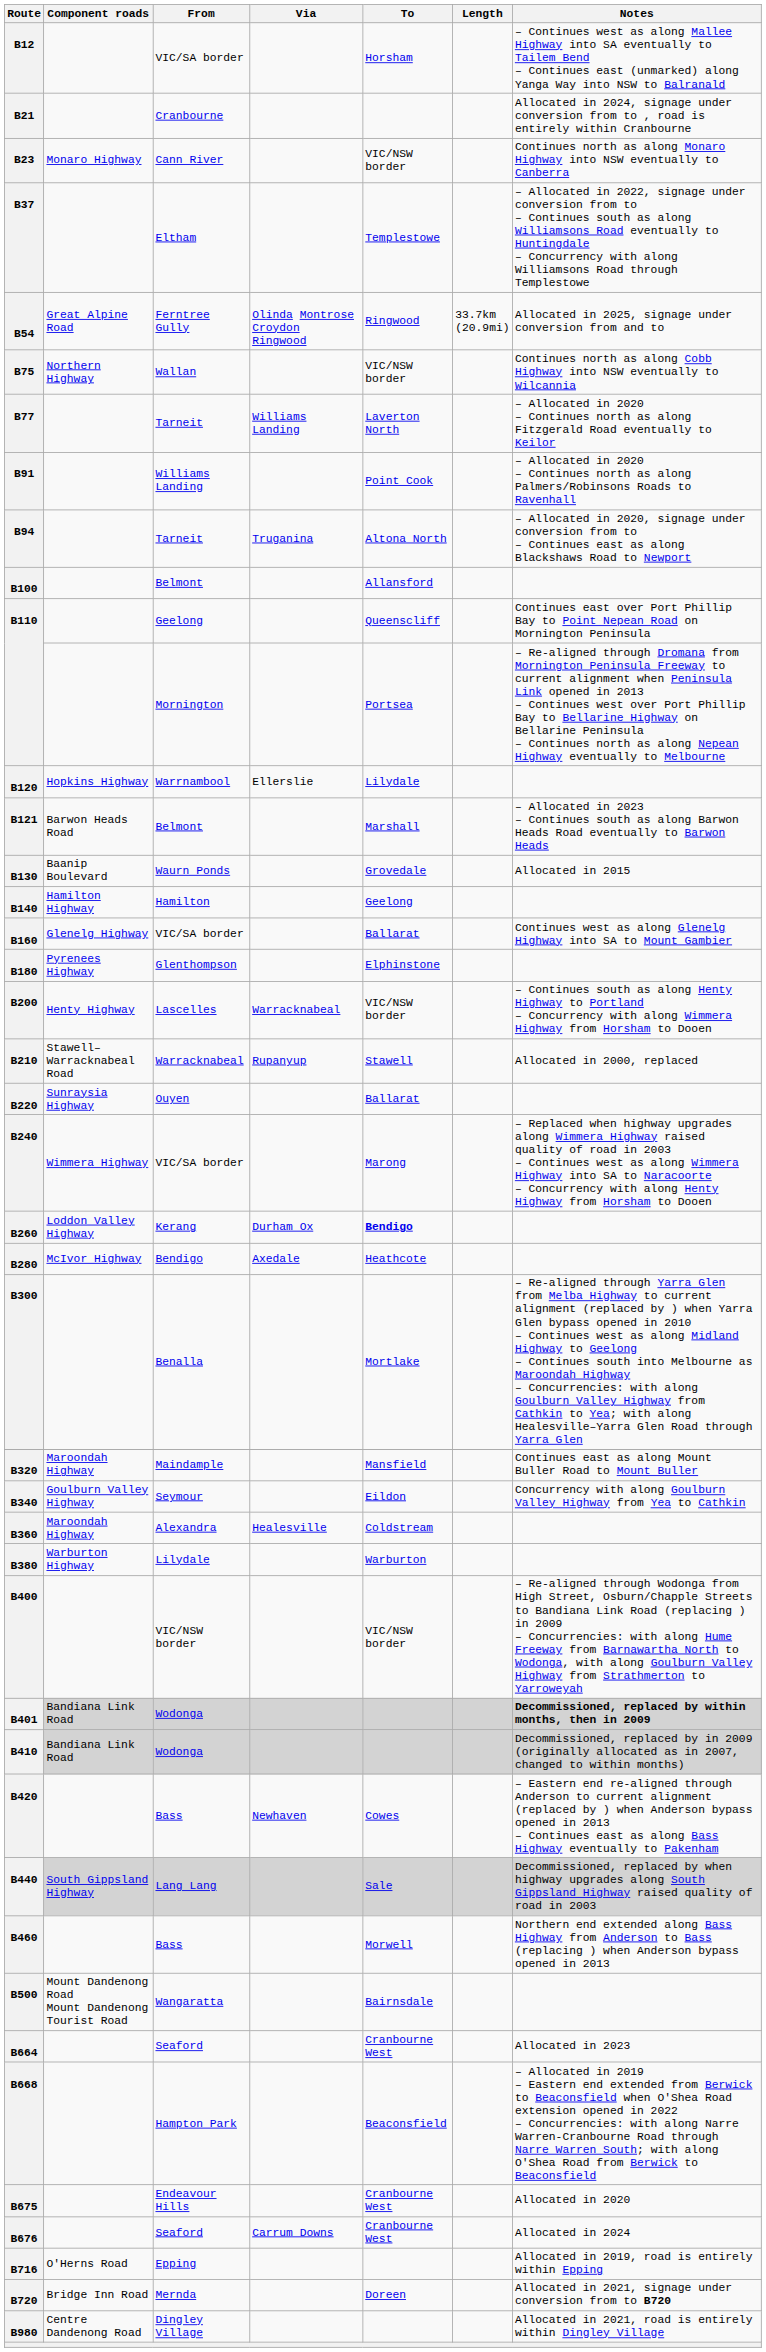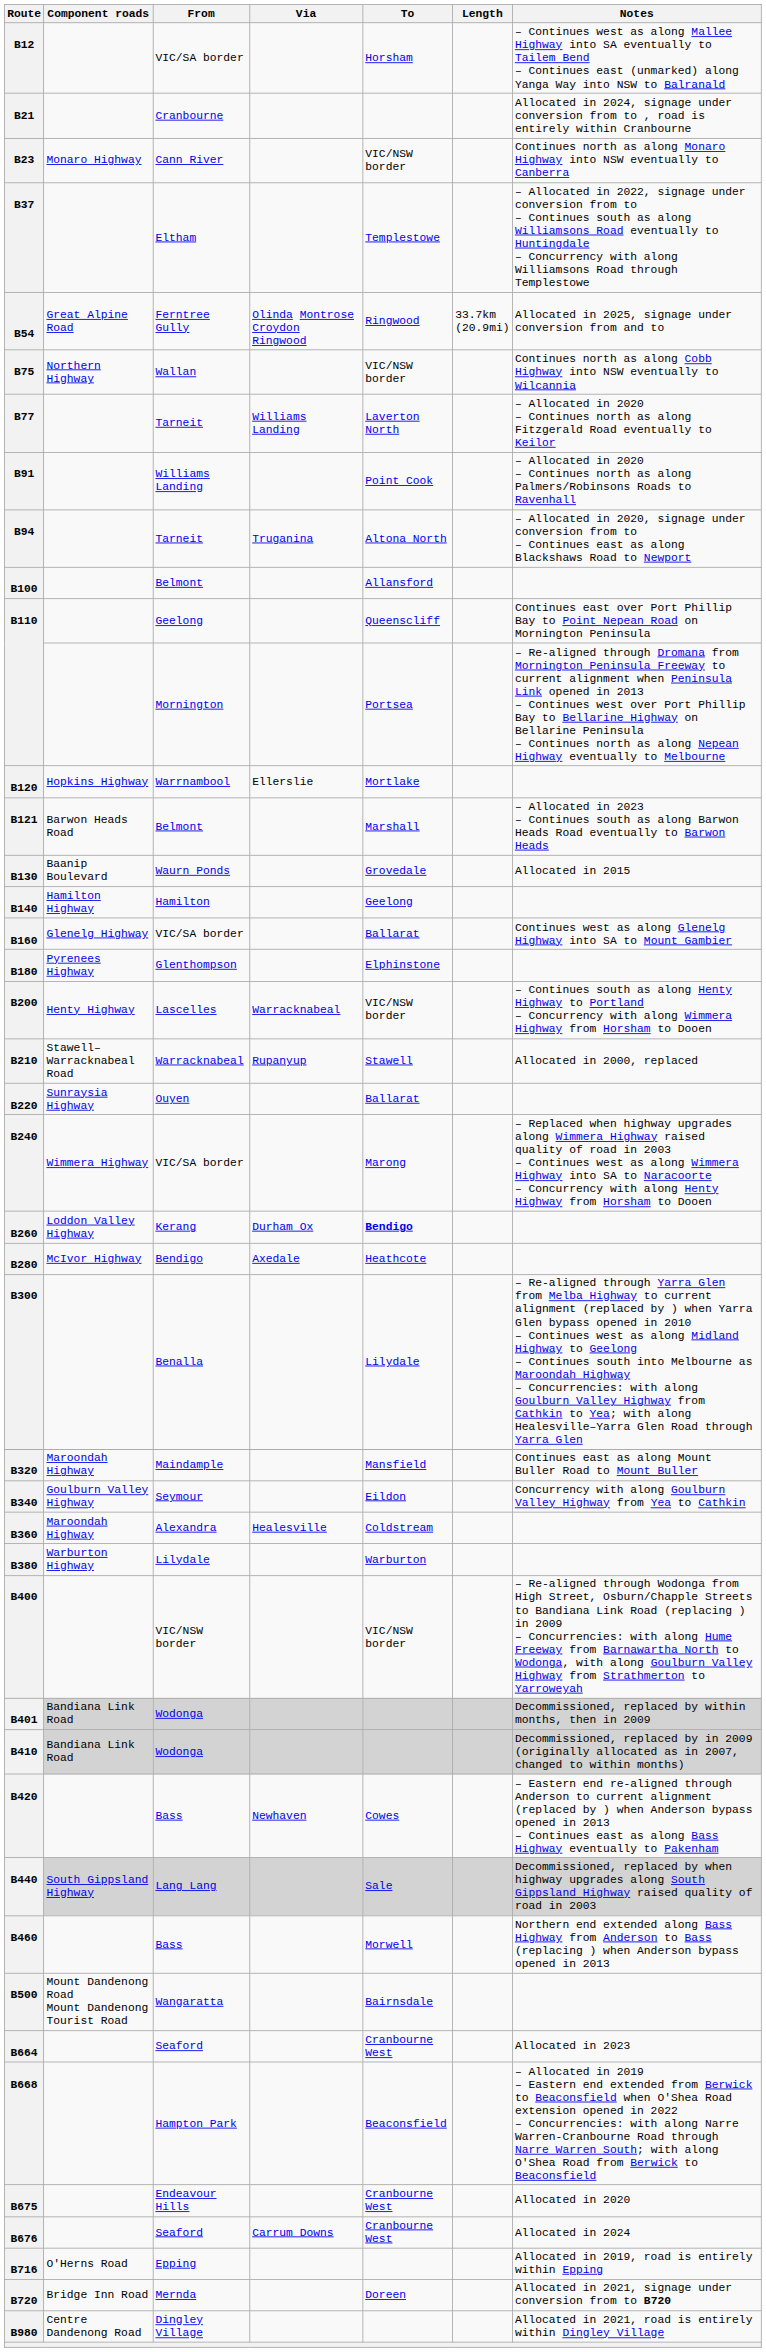 <table class="wikitable sortable">
 <tr>
 <th scope="col">Route</th>
 <th scope="col">Component roads</th>
 <th scope="col">From</th>
 <th scope="col">Via</th>
 <th scope="col">To</th>
 <th scope="col">Length</th>
 <th scope="col">Notes</th>
 </tr>
 <tr>
 <th style="vertical-align:top; white-space:nowrap;"><br>B12</th>
 <td></td>
 <td>VIC/SA border</td>
 <td></td>
 <td><a href='#'>Horsham</a></td>
 <td></td>
 <td>– Continues west as  along <a href='#'>Mallee Highway</a> into SA eventually to <a href='#'>Tailem Bend</a><br>– Continues east (unmarked) along Yanga Way into NSW to <a href='#'>Balranald</a></td>
 </tr>
 <tr>
 <th style="vertical-align:top; white-space:nowrap;"><br>B21</th>
 <td></td>
 <td><a href='#'>Cranbourne</a></td>
 <td></td>
 <td></td>
 <td></td>
 <td>Allocated in 2024, signage under conversion from  to , road is entirely within Cranbourne</td>
 </tr>
 <tr>
 <th style="vertical-align:top; white-space:nowrap;"><br>B23</th>
 <td><a href='#'>Monaro Highway</a></td>
 <td><a href='#'>Cann River</a></td>
 <td></td>
 <td>VIC/NSW border</td>
 <td></td>
 <td>Continues north as  along <a href='#'>Monaro Highway</a> into NSW eventually to <a href='#'>Canberra</a></td>
 </tr>
 <tr>
 <th style="vertical-align:top; white-space:nowrap;"><br>B37</th>
 <td></td>
 <td><a href='#'>Eltham</a></td>
 <td></td>
 <td><a href='#'>Templestowe</a></td>
 <td></td>
 <td>– Allocated in 2022, signage under conversion from  to <br>– Continues south as  along <a href='#'>Williamsons Road</a> eventually to <a href='#'>Huntingdale</a><br>– Concurrency with  along Williamsons Road through Templestowe</td>
 </tr>
 <tr>
 <th style=“vertical-align:top; white-space:nowrap;”><br><br>B54</th>
 <td><a href='#'>Great Alpine Road</a></td>
 <td><a href='#'>Ferntree Gully</a></td>
 <td {{plainlist><br><a href='#'>Olinda</a> <a href='#'>Montrose</a> <a href='#'>Croydon</a> <a href='#'>Ringwood</a></td>
 <td><a href='#'>Ringwood</a></td>
 <td>33.7km<br>(20.9mi)</td>
 <td>Allocated in 2025, signage under conversion from  and  to </td>
 </tr>
 <tr>
 <th style="vertical-align:top; white-space:nowrap;"><br>B75</th>
 <td><a href='#'>Northern Highway</a></td>
 <td><a href='#'>Wallan</a></td>
 <td></td>
 <td>VIC/NSW border</td>
 <td></td>
 <td>Continues north as  along <a href='#'>Cobb Highway</a> into NSW eventually to <a href='#'>Wilcannia</a></td>
 </tr>
 <tr>
 <th style="vertical-align:top; white-space:nowrap;"><br>B77</th>
 <td></td>
 <td><a href='#'>Tarneit</a></td>
 <td><a href='#'>Williams Landing</a></td>
 <td><a href='#'>Laverton North</a></td>
 <td></td>
 <td>– Allocated in 2020<br>– Continues north as  along Fitzgerald Road eventually to <a href='#'>Keilor</a></td>
 </tr>
 <tr>
 <th style="vertical-align:top; white-space:nowrap;"><br>B91</th>
 <td></td>
 <td><a href='#'>Williams Landing</a></td>
 <td></td>
 <td><a href='#'>Point Cook</a></td>
 <td></td>
 <td>– Allocated in 2020<br>– Continues north as  along Palmers/Robinsons Roads to <a href='#'>Ravenhall</a></td>
 </tr>
 <tr>
 <th style="vertical-align:top; white-space:nowrap;"><br>B94</th>
 <td></td>
 <td><a href='#'>Tarneit</a></td>
 <td><a href='#'>Truganina</a></td>
 <td><a href='#'>Altona North</a></td>
 <td></td>
 <td>– Allocated in 2020, signage under conversion from  to <br>– Continues east as  along Blackshaws Road to <a href='#'>Newport</a></td>
 </tr>
 <tr>
 <th style="vertical-align:top; white-space:nowrap;"><br>B100</th>
 <td></td>
 <td><a href='#'>Belmont</a></td>
 <td></td>
 <td><a href='#'>Allansford</a></td>
 <td></td>
 <td></td>
 </tr>
 <tr>
 <th rowspan="2" style="vertical-align:top; white-space:nowrap;"><br>B110</th>
 <td></td>
 <td><a href='#'>Geelong</a></td>
 <td></td>
 <td><a href='#'>Queenscliff</a></td>
 <td></td>
 <td>Continues east over Port Phillip Bay to <a href='#'>Point Nepean Road</a> on Mornington Peninsula</td>
 </tr>
 <tr>
 <td></td>
 <td><a href='#'>Mornington</a></td>
 <td></td>
 <td><a href='#'>Portsea</a></td>
 <td></td>
 <td>– Re-aligned through <a href='#'>Dromana</a> from <a href='#'>Mornington Peninsula Freeway</a> to current alignment when <a href='#'>Peninsula Link</a> opened in 2013<br>– Continues west over Port Phillip Bay to <a href='#'>Bellarine Highway</a> on Bellarine Peninsula<br>– Continues north as  along <a href='#'>Nepean Highway</a> eventually to <a href='#'>Melbourne</a></td>
 </tr>
 <tr>
 <th style="vertical-align:top; white-space:nowrap;"><br>B120</th>
 <td><a href='#'>Hopkins Highway</a></td>
 <td><a href='#'>Warrnambool</a></td>
 <td>Ellerslie</td>
-<td><a href='#'>Lilydale</a></td>
+<td><a href='#'>Mortlake</a></td>
 <td></td>
 <td></td>
 </tr>
 <tr>
 <th style="vertical-align:top; white-space:nowrap;"><br>B121</th>
 <td>Barwon Heads Road</td>
 <td><a href='#'>Belmont</a></td>
 <td></td>
 <td><a href='#'>Marshall</a></td>
 <td></td>
 <td>– Allocated in 2023<br>– Continues south as  along Barwon Heads Road eventually to <a href='#'>Barwon Heads</a></td>
 </tr>
 <tr>
 <th style="vertical-align:top; white-space:nowrap;"><br>B130</th>
 <td>Baanip Boulevard</td>
 <td><a href='#'>Waurn Ponds</a></td>
 <td></td>
 <td><a href='#'>Grovedale</a></td>
 <td></td>
 <td>Allocated in 2015</td>
 </tr>
 <tr>
 <th style="vertical-align:top; white-space:nowrap;"><br>B140</th>
 <td><a href='#'>Hamilton Highway</a></td>
 <td><a href='#'>Hamilton</a></td>
 <td></td>
 <td><a href='#'>Geelong</a></td>
 <td></td>
 <td></td>
 </tr>
 <tr>
 <th style="vertical-align:top; white-space:nowrap;"><br>B160</th>
 <td><a href='#'>Glenelg Highway</a></td>
 <td>VIC/SA border</td>
 <td></td>
 <td><a href='#'>Ballarat</a></td>
 <td></td>
 <td>Continues west as  along <a href='#'>Glenelg Highway</a> into SA to <a href='#'>Mount Gambier</a></td>
 </tr>
 <tr>
 <th style="vertical-align:top; white-space:nowrap;"><br>B180</th>
 <td><a href='#'>Pyrenees Highway</a></td>
 <td><a href='#'>Glenthompson</a></td>
 <td></td>
 <td><a href='#'>Elphinstone</a></td>
 <td></td>
 <td></td>
 </tr>
 <tr>
 <th style="vertical-align:top; white-space:nowrap;"><br>B200</th>
 <td><a href='#'>Henty Highway</a></td>
 <td><a href='#'>Lascelles</a></td>
 <td><a href='#'>Warracknabeal</a></td>
 <td>VIC/NSW border</td>
 <td></td>
 <td>– Continues south as  along <a href='#'>Henty Highway</a> to <a href='#'>Portland</a><br>– Concurrency with  along <a href='#'>Wimmera Highway</a> from <a href='#'>Horsham</a> to Dooen</td>
 </tr>
 <tr>
 <th style="vertical-align:top; white-space:nowrap;"><br>B210</th>
 <td>Stawell–Warracknabeal Road</td>
 <td><a href='#'>Warracknabeal</a></td>
 <td><a href='#'>Rupanyup</a></td>
 <td><a href='#'>Stawell</a></td>
 <td></td>
 <td>Allocated in 2000, replaced </td>
 </tr>
 <tr>
 <th style="vertical-align:top; white-space:nowrap;"><br>B220</th>
 <td><a href='#'>Sunraysia Highway</a></td>
 <td><a href='#'>Ouyen</a></td>
 <td></td>
 <td><a href='#'>Ballarat</a></td>
 <td></td>
 <td></td>
 </tr>
 <tr>
 <th style="vertical-align:top; white-space:nowrap;"><br>B240</th>
 <td><a href='#'>Wimmera Highway</a></td>
 <td>VIC/SA border</td>
 <td></td>
 <td><a href='#'>Marong</a></td>
 <td></td>
 <td>– Replaced  when highway upgrades along <a href='#'>Wimmera Highway</a> raised quality of road in 2003<br>– Continues west as  along <a href='#'>Wimmera Highway</a> into SA to <a href='#'>Naracoorte</a><br>– Concurrency with  along <a href='#'>Henty Highway</a> from <a href='#'>Horsham</a> to Dooen</td>
 </tr>
 <tr>
 <th style="vertical-align:top; white-space:nowrap;"><br>B260</th>
 <td><a href='#'>Loddon Valley Highway</a></td>
 <td><a href='#'>Kerang</a></td>
 <td><a href='#'>Durham Ox</a></td>
 <td><strong><a href='#'>Bendigo</a></strong></td>
 <td></td>
 <td></td>
 </tr>
 <tr>
 <th style="vertical-align:top; white-space:nowrap;"><br>B280</th>
 <td><a href='#'>McIvor Highway</a></td>
 <td><a href='#'>Bendigo</a></td>
 <td><a href='#'>Axedale</a></td>
 <td><a href='#'>Heathcote</a></td>
 <td></td>
 <td></td>
 </tr>
 <tr>
 <th style="vertical-align:top; white-space:nowrap;"><br>B300</th>
 <td></td>
 <td><a href='#'>Benalla</a></td>
 <td></td>
-<td><a href='#'>Mortlake</a></td>
+<td><a href='#'>Lilydale</a></td>
 <td></td>
 <td>– Re-aligned through <a href='#'>Yarra Glen</a> from <a href='#'>Melba Highway</a> to current alignment (replaced by ) when Yarra Glen bypass opened in 2010<br>– Continues west as  along <a href='#'>Midland Highway</a> to <a href='#'>Geelong</a><br>– Continues south into Melbourne as  <a href='#'>Maroondah Highway</a><br>– Concurrencies: with  along <a href='#'>Goulburn Valley Highway</a> from <a href='#'>Cathkin</a> to <a href='#'>Yea</a>; with  along Healesville–Yarra Glen Road through <a href='#'>Yarra Glen</a></td>
 </tr>
 <tr>
 </tr>
 <tr>
 <th style="vertical-align:top; white-space:nowrap;"><br>B320</th>
 <td><a href='#'>Maroondah Highway</a></td>
 <td><a href='#'>Maindample</a></td>
 <td></td>
 <td><a href='#'>Mansfield</a></td>
 <td></td>
 <td>Continues east as  along Mount Buller Road to <a href='#'>Mount Buller</a></td>
 </tr>
 <tr>
 <th style="vertical-align:top; white-space:nowrap;"><br>B340</th>
 <td><a href='#'>Goulburn Valley Highway</a></td>
 <td><a href='#'>Seymour</a></td>
 <td></td>
 <td><a href='#'>Eildon</a></td>
 <td></td>
 <td>Concurrency with  along <a href='#'>Goulburn Valley Highway</a> from <a href='#'>Yea</a> to <a href='#'>Cathkin</a></td>
 </tr>
 <tr>
 <th style="vertical-align:top; white-space:nowrap;"><br>B360</th>
 <td><a href='#'>Maroondah Highway</a></td>
 <td><a href='#'>Alexandra</a></td>
 <td><a href='#'>Healesville</a></td>
 <td><a href='#'>Coldstream</a></td>
 <td></td>
 <td></td>
 </tr>
 <tr>
 <th style="vertical-align:top; white-space:nowrap;"><br>B380</th>
 <td><a href='#'>Warburton Highway</a></td>
 <td><a href='#'>Lilydale</a></td>
 <td></td>
 <td><a href='#'>Warburton</a></td>
 <td></td>
 <td></td>
 </tr>
 <tr>
 <th style="vertical-align:top; white-space:nowrap;"><br>B400</th>
 <td></td>
 <td>VIC/NSW border</td>
 <td></td>
 <td>VIC/NSW border</td>
 <td></td>
 <td>– Re-aligned through Wodonga from High Street, Osburn/Chapple Streets to Bandiana Link Road (replacing ) in 2009<br>– Concurrencies: with  along <a href='#'>Hume Freeway</a> from <a href='#'>Barnawartha North</a> to <a href='#'>Wodonga</a>, with  along <a href='#'>Goulburn Valley Highway</a> from <a href='#'>Strathmerton</a> to <a href='#'>Yarroweyah</a></td>
 </tr>
 <tr style="background:#d3d3d3;">
 <th style="vertical-align:top; white-space:nowrap;"><br>B401</th>
 <td>Bandiana Link Road</td>
 <td><a href='#'>Wodonga</a></td>
 <td></td>
 <td></td>
 <td></td>
-<td><strong>Decommissioned, replaced by  within months, then  in 2009</strong></td>
+<td>Decommissioned, replaced by  within months, then  in 2009</td>
 </tr>
 <tr style="background:#d3d3d3;">
 <th style="vertical-align:top; white-space:nowrap;"><br>B410</th>
 <td>Bandiana Link Road</td>
 <td><a href='#'>Wodonga</a></td>
 <td></td>
 <td></td>
 <td></td>
 <td>Decommissioned, replaced by  in 2009 (originally allocated as  in 2007, changed to  within months)</td>
 </tr>
 <tr>
 <th style="vertical-align:top; white-space:nowrap;"><br>B420</th>
 <td></td>
 <td><a href='#'>Bass</a></td>
 <td><a href='#'>Newhaven</a></td>
 <td><a href='#'>Cowes</a></td>
 <td></td>
 <td>– Eastern end re-aligned through Anderson to current alignment (replaced by ) when Anderson bypass opened in 2013<br>– Continues east as  along <a href='#'>Bass Highway</a> eventually to <a href='#'>Pakenham</a></td>
 </tr>
 <tr style="background:#d3d3d3;">
 <th style="vertical-align:top; white-space:nowrap;"><br>B440</th>
 <td><a href='#'>South Gippsland Highway</a></td>
 <td><a href='#'>Lang Lang</a></td>
 <td></td>
 <td><a href='#'>Sale</a></td>
 <td></td>
 <td>Decommissioned, replaced by  when highway upgrades along <a href='#'>South Gippsland Highway</a> raised quality of road in 2003</td>
 </tr>
 <tr>
 <th style="vertical-align:top; white-space:nowrap;"><br>B460</th>
 <td></td>
 <td><a href='#'>Bass</a></td>
 <td></td>
 <td><a href='#'>Morwell</a></td>
 <td></td>
 <td>Northern end extended along <a href='#'>Bass Highway</a> from <a href='#'>Anderson</a> to <a href='#'>Bass</a> (replacing ) when Anderson bypass opened in 2013</td>
 </tr>
 <tr>
 <th style="vertical-align:top; white-space:nowrap;"><br>B500</th>
 <td>Mount Dandenong Road<br>Mount Dandenong Tourist Road</td>
 <td><a href='#'>Wangaratta</a></td>
 <td></td>
 <td><a href='#'>Bairnsdale</a></td>
 <td></td>
 <td></td>
 </tr>
 <tr>
 <th style="vertical-align:top; white-space:nowrap;"><br>B664</th>
 <td></td>
 <td><a href='#'>Seaford</a></td>
 <td></td>
 <td><a href='#'>Cranbourne West</a></td>
 <td></td>
 <td>Allocated in 2023</td>
 </tr>
 <tr>
 <th style="vertical-align:top; white-space:nowrap;"><br>B668</th>
 <td></td>
 <td><a href='#'>Hampton Park</a></td>
 <td></td>
 <td><a href='#'>Beaconsfield</a></td>
 <td></td>
 <td>– Allocated in 2019<br>– Eastern end extended from <a href='#'>Berwick</a> to <a href='#'>Beaconsfield</a> when O'Shea Road extension opened in 2022<br>– Concurrencies: with  along Narre Warren-Cranbourne Road through <a href='#'>Narre Warren South</a>; with  along O'Shea Road from <a href='#'>Berwick</a> to <a href='#'>Beaconsfield</a></td>
 </tr>
 <tr>
 <th style="vertical-align:top; white-space:nowrap;"><br>B675</th>
 <td></td>
 <td><a href='#'>Endeavour Hills</a></td>
 <td></td>
 <td><a href='#'>Cranbourne West</a></td>
 <td></td>
 <td>Allocated in 2020</td>
 </tr>
 <tr>
 <th style="vertical-align:top; white-space:nowrap;"><br>B676</th>
 <td></td>
 <td><a href='#'>Seaford</a></td>
 <td><a href='#'>Carrum Downs</a></td>
 <td><a href='#'>Cranbourne West</a></td>
 <td></td>
 <td>Allocated in 2024</td>
 </tr>
 <tr>
 <th style="vertical-align:top; white-space:nowrap;"><br>B716</th>
 <td>O'Herns Road</td>
 <td><a href='#'>Epping</a></td>
 <td></td>
 <td></td>
 <td></td>
 <td>Allocated in 2019, road is entirely within <a href='#'>Epping</a></td>
 </tr>
 <tr>
 <th style="vertical-align:top; white-space:nowrap;"><br>B720</th>
 <td>Bridge Inn Road</td>
 <td><a href='#'>Mernda</a></td>
 <td></td>
 <td><a href='#'>Doreen</a></td>
 <td></td>
 <td>Allocated in 2021, signage under conversion from  to <strong>B720</strong></td>
 </tr>
 <tr>
 <th style="vertical-align:top; white-space:nowrap;"><br>B980</th>
 <td>Centre Dandenong Road</td>
 <td><a href='#'>Dingley Village</a></td>
 <td></td>
 <td></td>
 <td></td>
 <td>Allocated in 2021, road is entirely within <a href='#'>Dingley Village</a></td>
 </tr>
 <tr>
 <td colspan="7" style="text-align:center; background:#f2f2f2;"></td>
 </tr>
 </table>
